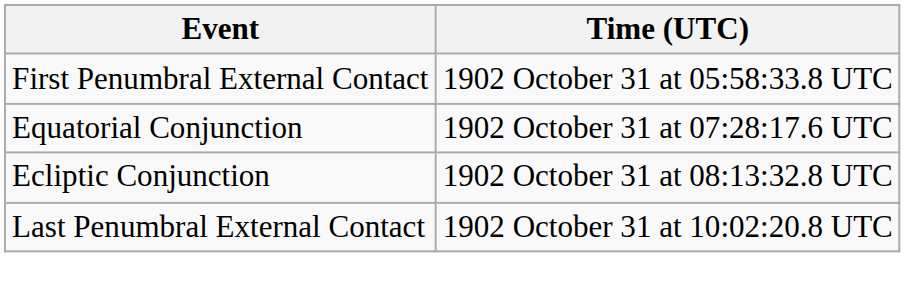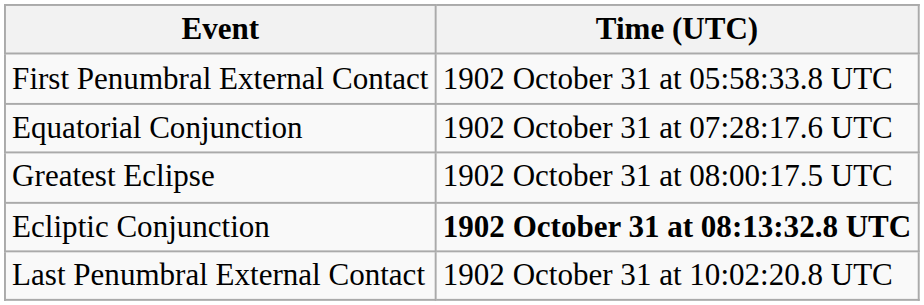 <table class="wikitable">
 <tr>
 <th>Event</th>
 <th>Time (UTC)</th>
 </tr>
 <tr>
 <td>First Penumbral External Contact</td>
 <td>1902 October 31 at 05:58:33.8 UTC</td>
 </tr>
 <tr>
 <td>Equatorial Conjunction</td>
 <td>1902 October 31 at 07:28:17.6 UTC</td>
 </tr>
 <tr>
+<td>Greatest Eclipse</td>
+<td>1902 October 31 at 08:00:17.5 UTC</td>
+</tr>
+<tr>
 <td>Ecliptic Conjunction</td>
-<td>1902 October 31 at 08:13:32.8 UTC</td>
+<td><strong>1902 October 31 at 08:13:32.8 UTC</strong></td>
 </tr>
 <tr>
 <td>Last Penumbral External Contact</td>
 <td>1902 October 31 at 10:02:20.8 UTC</td>
 </tr>
 </table>
